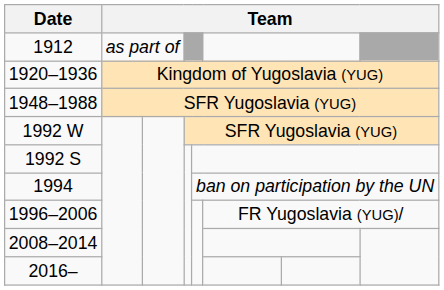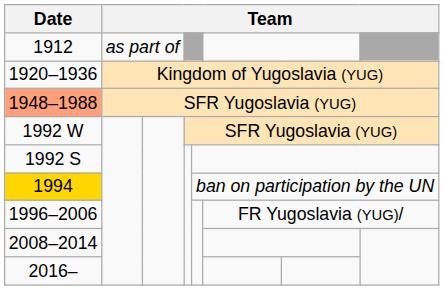 <table class="wikitable" style="text-align:center; font-size:90%;">
 <tr>
 <th>Date</th>
 <th colspan=7>Team</th>
 </tr>
 <tr>
 <td>1912</td>
 <td colspan=2><em>as part of </em></td>
 <td colspan=2 style="background:darkgray"></td>
 <td colspan=2></td>
 <td style="background:darkgray"></td>
 </tr>
 <tr>
 <td>1920–1936</td>
 <td colspan=7 style="background:moccasin"> Kingdom of Yugoslavia <small>(YUG)</small></td>
 </tr>
 <tr>
-<td>1948–1988</td>
+<td style="background: lightsalmon;">1948–1988</td>
 <td colspan=7 style="background:moccasin"> SFR Yugoslavia <small>(YUG)</small></td>
 </tr>
 <tr>
 <td>1992 W</td>
 <td rowspan=6></td>
 <td rowspan=6></td>
 <td colspan=5 style="background:moccasin"> SFR Yugoslavia <small>(YUG)</small></td>
 </tr>
 <tr>
 <td>1992 S</td>
 <td rowspan=5></td>
 <td colspan=4></td>
 </tr>
 <tr>
-<td>1994</td>
+<td style="background: gold;">1994</td>
 <td colspan=4><em>ban on participation by the UN</em></td>
 </tr>
 <tr>
 <td>1996–2006</td>
 <td rowspan=3></td>
 <td colspan=3> FR Yugoslavia <small>(YUG)</small>/<br></td>
 </tr>
 <tr>
 <td>2008–2014</td>
 <td colspan=2></td>
 <td rowspan=2></td>
 </tr>
 <tr>
 <td>2016–</td>
 <td rowspan=1></td>
 <td rowspan=1></td>
 </tr>
 </table>
